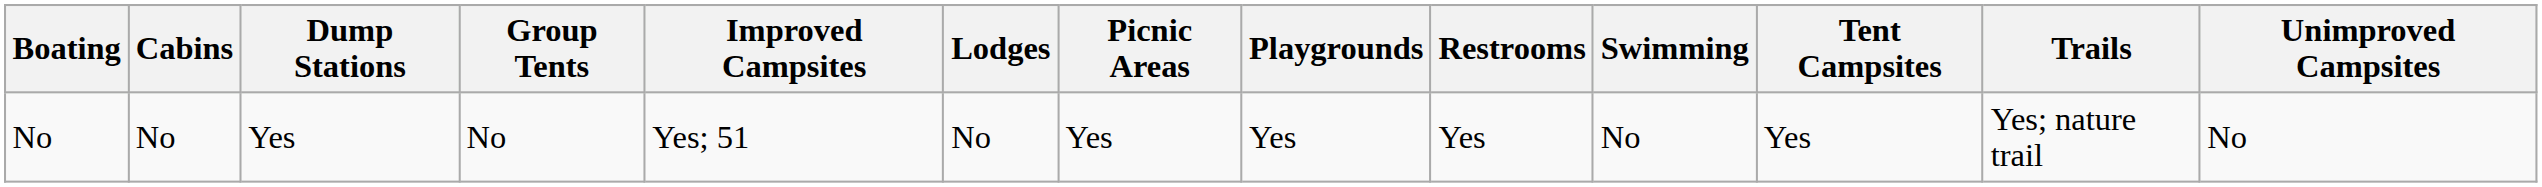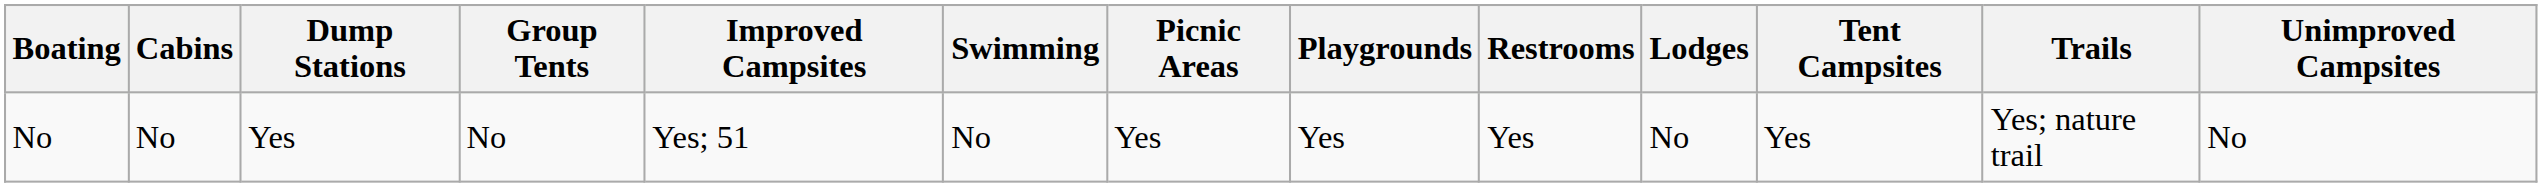 <table class="wikitable">
 <tr bgcolor="#eefef">
 <th>Boating</th>
 <th>Cabins</th>
 <th>Dump Stations</th>
 <th>Group Tents</th>
 <th>Improved Campsites</th>
-<th>Lodges</th>
+<th>Swimming</th>
 <th>Picnic Areas</th>
 <th>Playgrounds</th>
 <th>Restrooms</th>
-<th>Swimming</th>
+<th>Lodges</th>
 <th>Tent Campsites</th>
 <th>Trails</th>
 <th>Unimproved Campsites</th>
 </tr>
 <tr>
 <td>No</td>
 <td>No</td>
 <td>Yes</td>
 <td>No</td>
 <td>Yes; 51</td>
 <td>No</td>
 <td>Yes</td>
 <td>Yes</td>
 <td>Yes</td>
 <td>No</td>
 <td>Yes</td>
 <td>Yes; nature trail</td>
 <td>No</td>
 </tr>
 </table>
